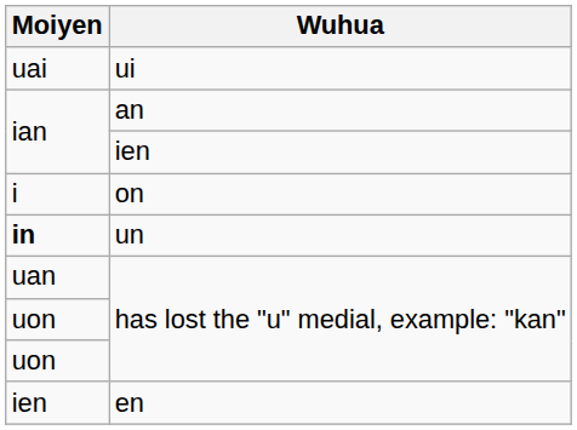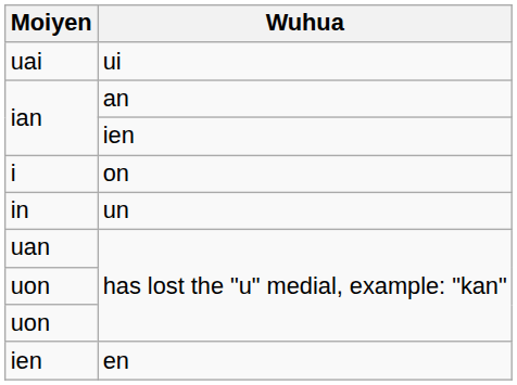 <table class="wikitable">
 <tr>
 <th>Moiyen</th>
 <th>Wuhua</th>
 </tr>
 <tr>
 <td>uai</td>
 <td>ui</td>
 </tr>
 <tr>
 <td rowspan=2>ian</td>
 <td>an</td>
 </tr>
 <tr>
 <td>ien</td>
 </tr>
 <tr>
 <td>i</td>
 <td>on</td>
 </tr>
 <tr>
-<td><strong>in</strong></td>
+<td>in</td>
 <td>un</td>
 </tr>
 <tr>
 <td>uan</td>
 <td rowspan=3>has lost the "u" medial, example: "kan"</td>
 </tr>
 <tr>
 <td>uon</td>
 </tr>
 <tr>
 <td>uon</td>
 </tr>
 <tr>
 <td>ien</td>
 <td>en</td>
 </tr>
 </table>
